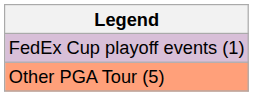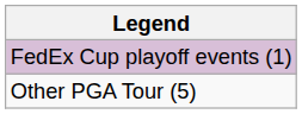 <table class="wikitable" style="font-size:95%;">
 <tr>
 <th>Legend</th>
 </tr>
 <tr style="background:#D8BFD8;">
 <td>FedEx Cup playoff events (1)</td>
 </tr>
 <tr>
-<td style="background: lightsalmon;">Other PGA Tour (5)</td>
+<td>Other PGA Tour (5)</td>
 </tr>
 </table>
